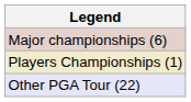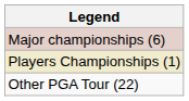 <table class="wikitable" style="font-size:95%;">
 <tr>
 <th>Legend</th>
 </tr>
 <tr style="background:#e5d1cb;">
 <td>Major championships (6)</td>
 </tr>
 <tr style="background:#f2ecce;">
 <td>Players Championships (1)</td>
 </tr>
 <tr>
-<td style="background: lavender;">Other PGA Tour (22)</td>
+<td>Other PGA Tour (22)</td>
 </tr>
 </table>
